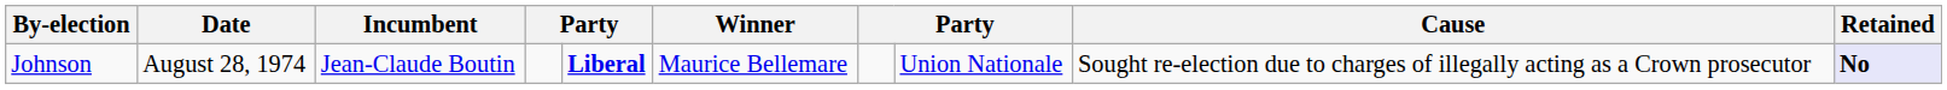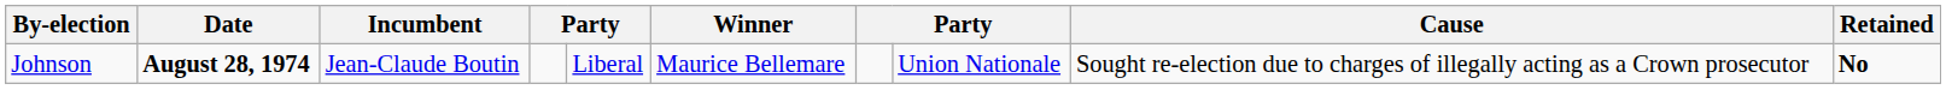 <table class=wikitable style="width:100%">
 <tr>
 <th>By-election</th>
 <th>Date</th>
 <th>Incumbent</th>
 <th colspan=2>Party</th>
 <th>Winner</th>
 <th colspan=2>Party</th>
 <th>Cause</th>
 <th>Retained</th>
 </tr>
 <tr>
 <td><a href='#'>Johnson</a></td>
-<td>August 28, 1974</td>
+<td><strong>August 28, 1974</strong></td>
 <td><a href='#'>Jean-Claude Boutin</a></td>
 <td>    </td>
-<td><strong><a href='#'>Liberal</a></strong></td>
+<td><a href='#'>Liberal</a></td>
 <td><a href='#'>Maurice Bellemare</a></td>
 <td>    </td>
 <td><a href='#'>Union Nationale</a></td>
 <td>Sought re-election due to charges of illegally acting as a Crown prosecutor</td>
-<td style="background: lavender;"><strong>No</strong></td>
+<td><strong>No</strong></td>
 </tr>
 </table>
